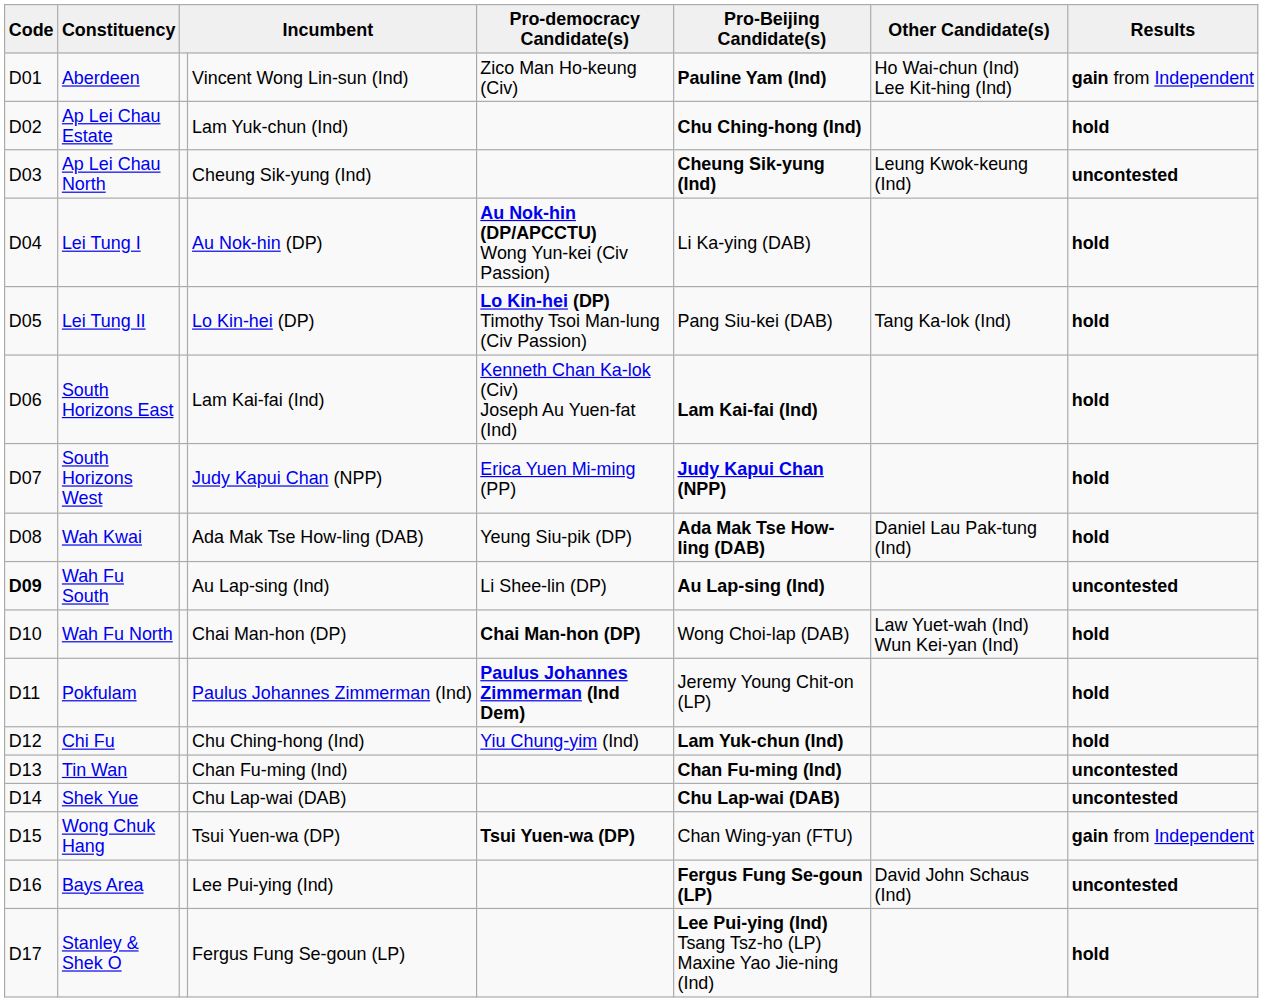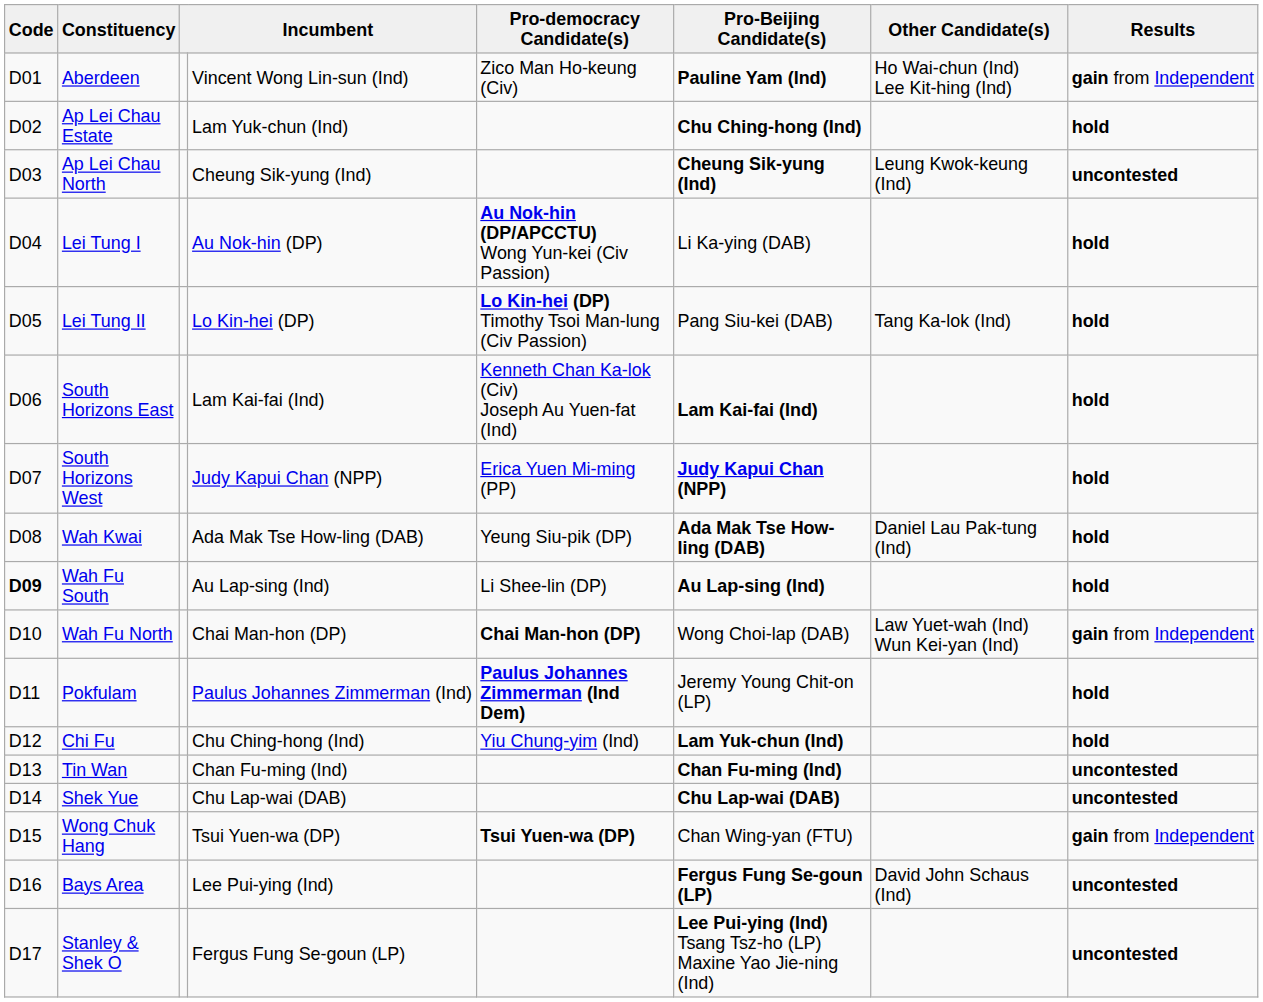 <table class="wikitable sortable" style="font-size: 95%;">
 <tr>
 <th align="center" style="background:#f0f0f0;" width="20px"><strong>Code</strong></th>
 <th align="center" style="background:#f0f0f0;" width="90px"><strong>Constituency</strong></th>
 <th align="center" style="background:#f0f0f0;" width="120px" colspan=2><strong>Incumbent</strong></th>
 <th align="center" style="background:#f0f0f0;" width="160px"><strong>Pro-democracy Candidate(s)</strong></th>
 <th align="center" style="background:#f0f0f0;" width="160px"><strong>Pro-Beijing Candidate(s)</strong></th>
 <th align="center" style="background:#f0f0f0;" width="160px"><strong>Other Candidate(s)</strong></th>
 <th align="center" style="background:#f0f0f0;" width="100px" colspan="2"><strong>Results</strong></th>
 </tr>
 <tr>
 <td>D01</td>
 <td><a href='#'>Aberdeen</a></td>
 <td></td>
 <td>Vincent Wong Lin-sun (Ind)</td>
 <td>Zico Man Ho-keung (Civ)</td>
 <td><strong>Pauline Yam (Ind)</strong></td>
 <td>Ho Wai-chun (Ind)<br>Lee Kit-hing (Ind)</td>
 <td> <strong>gain</strong> from <a href='#'>Independent</a></td>
 </tr>
 <tr>
 <td>D02</td>
 <td><a href='#'>Ap Lei Chau Estate</a></td>
 <td></td>
 <td>Lam Yuk-chun (Ind)</td>
 <td></td>
 <td><strong>Chu Ching-hong (Ind)</strong></td>
 <td></td>
 <td> <strong>hold</strong></td>
 </tr>
 <tr>
 <td>D03</td>
 <td><a href='#'>Ap Lei Chau North</a></td>
 <td></td>
 <td>Cheung Sik-yung (Ind)</td>
 <td></td>
 <td><strong>Cheung Sik-yung (Ind)</strong></td>
 <td>Leung Kwok-keung (Ind)</td>
 <td> <strong>uncontested</strong></td>
 </tr>
 <tr>
 <td>D04</td>
 <td><a href='#'>Lei Tung I</a></td>
 <td></td>
 <td><a href='#'>Au Nok-hin</a> (DP)</td>
 <td><strong><a href='#'>Au Nok-hin</a> (DP/APCCTU)</strong><br>Wong Yun-kei (Civ Passion)</td>
 <td>Li Ka-ying (DAB)</td>
 <td></td>
 <td> <strong>hold</strong></td>
 </tr>
 <tr>
 <td>D05</td>
 <td><a href='#'>Lei Tung II</a></td>
 <td></td>
 <td><a href='#'>Lo Kin-hei</a> (DP)</td>
 <td><strong><a href='#'>Lo Kin-hei</a> (DP)</strong><br>Timothy Tsoi Man-lung (Civ Passion)</td>
 <td>Pang Siu-kei (DAB)</td>
 <td>Tang Ka-lok (Ind)</td>
 <td> <strong>hold</strong></td>
 </tr>
 <tr>
 <td>D06</td>
 <td><a href='#'>South Horizons East</a></td>
 <td></td>
 <td>Lam Kai-fai (Ind)</td>
 <td><a href='#'>Kenneth Chan Ka-lok</a> (Civ)<br>Joseph Au Yuen-fat (Ind)</td>
 <td><br><strong>Lam Kai-fai (Ind)</strong></td>
 <td></td>
 <td> <strong>hold</strong></td>
 </tr>
 <tr>
 <td>D07</td>
 <td><a href='#'>South Horizons West</a></td>
 <td></td>
 <td><a href='#'>Judy Kapui Chan</a> (NPP)</td>
 <td><a href='#'>Erica Yuen Mi-ming</a> (PP)</td>
 <td><strong><a href='#'>Judy Kapui Chan</a> (NPP)</strong></td>
 <td></td>
 <td> <strong>hold</strong></td>
 </tr>
 <tr>
 <td>D08</td>
 <td><a href='#'>Wah Kwai</a></td>
 <td></td>
 <td>Ada Mak Tse How-ling (DAB)</td>
 <td>Yeung Siu-pik (DP)</td>
 <td><strong>Ada Mak Tse How-ling (DAB)</strong></td>
 <td>Daniel Lau Pak-tung  (Ind)</td>
 <td> <strong>hold</strong></td>
 </tr>
 <tr>
 <td><strong>D09</strong></td>
 <td><a href='#'>Wah Fu South</a></td>
 <td></td>
 <td>Au Lap-sing (Ind)</td>
 <td>Li Shee-lin (DP)</td>
 <td><strong>Au Lap-sing (Ind)</strong></td>
 <td></td>
-<td> <strong>uncontested</strong></td>
+<td> <strong>hold</strong></td>
 </tr>
 <tr>
 <td>D10</td>
 <td><a href='#'>Wah Fu North</a></td>
 <td></td>
 <td>Chai Man-hon (DP)</td>
 <td><strong>Chai Man-hon (DP)</strong></td>
 <td>Wong Choi-lap (DAB)</td>
 <td>Law Yuet-wah (Ind)<br>Wun Kei-yan (Ind)</td>
-<td> <strong>hold</strong></td>
+<td> <strong>gain</strong> from <a href='#'>Independent</a></td>
 </tr>
 <tr>
 <td>D11</td>
 <td><a href='#'>Pokfulam</a></td>
 <td></td>
 <td><a href='#'>Paulus Johannes Zimmerman</a> (Ind)</td>
 <td><strong><a href='#'>Paulus Johannes Zimmerman</a> (Ind Dem)</strong></td>
 <td>Jeremy Young Chit-on (LP)</td>
 <td></td>
 <td> <strong>hold</strong></td>
 </tr>
 <tr>
 <td>D12</td>
 <td><a href='#'>Chi Fu</a></td>
 <td></td>
 <td>Chu Ching-hong (Ind)</td>
 <td><a href='#'>Yiu Chung-yim</a> (Ind)</td>
 <td><strong>Lam Yuk-chun (Ind)</strong></td>
 <td></td>
 <td> <strong>hold</strong></td>
 </tr>
 <tr>
 <td>D13</td>
 <td><a href='#'>Tin Wan</a></td>
 <td></td>
 <td>Chan Fu-ming (Ind)</td>
 <td></td>
 <td><strong>Chan Fu-ming (Ind)</strong></td>
 <td></td>
 <td> <strong>uncontested</strong></td>
 </tr>
 <tr>
 <td>D14</td>
 <td><a href='#'>Shek Yue</a></td>
 <td></td>
 <td>Chu Lap-wai (DAB)</td>
 <td></td>
 <td><strong> Chu Lap-wai (DAB)</strong></td>
 <td></td>
 <td> <strong>uncontested</strong></td>
 </tr>
 <tr>
 <td>D15</td>
 <td><a href='#'>Wong Chuk Hang</a></td>
 <td></td>
 <td>Tsui Yuen-wa (DP)</td>
 <td><strong>Tsui Yuen-wa (DP)</strong></td>
 <td>Chan Wing-yan (FTU)</td>
 <td></td>
 <td> <strong>gain</strong> from <a href='#'>Independent</a></td>
 </tr>
 <tr>
 <td>D16</td>
 <td><a href='#'>Bays Area</a></td>
 <td></td>
 <td>Lee Pui-ying (Ind)</td>
 <td></td>
 <td><strong>Fergus Fung Se-goun (LP)</strong></td>
 <td>David John Schaus (Ind)</td>
 <td> <strong>uncontested</strong></td>
 </tr>
 <tr>
 <td>D17</td>
 <td><a href='#'>Stanley & Shek O</a></td>
 <td></td>
 <td>Fergus Fung Se-goun (LP)</td>
 <td></td>
 <td><strong>Lee Pui-ying (Ind)</strong><br>Tsang Tsz-ho (LP)<br>Maxine Yao Jie-ning (Ind)</td>
 <td></td>
-<td> <strong>hold</strong></td>
+<td> <strong>uncontested</strong></td>
 </tr>
 </table>
